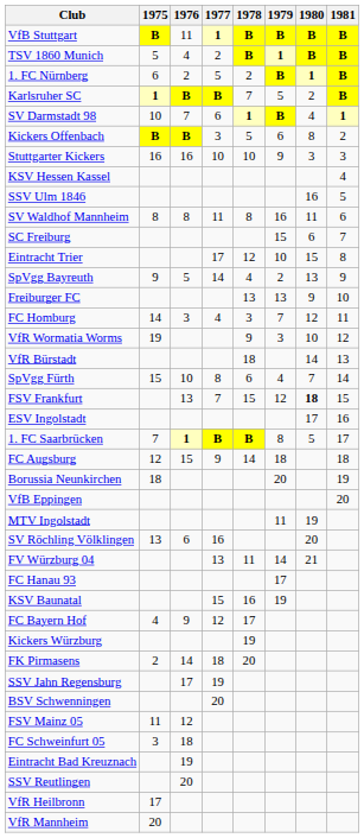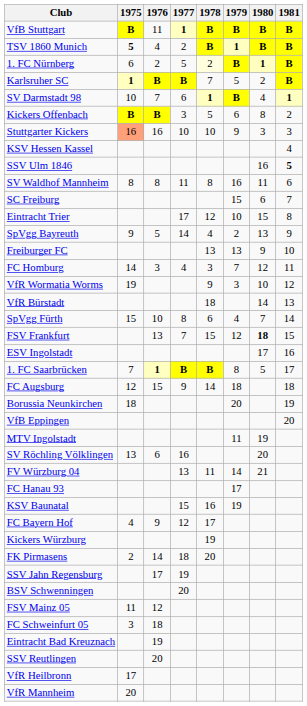 <table class="wikitable">
 <tr>
 <th>Club</th>
 <th>1975</th>
 <th>1976</th>
 <th>1977</th>
 <th>1978</th>
 <th>1979</th>
 <th>1980</th>
 <th>1981</th>
 </tr>
 <tr align="center">
 <td align="left"><a href='#'>VfB Stuttgart</a></td>
 <td bgcolor="#FFFF00"><strong>B</strong></td>
 <td>11</td>
 <td bgcolor="#ffffbf"><strong>1</strong></td>
 <td bgcolor="#FFFF00"><strong>B</strong></td>
 <td bgcolor="#FFFF00"><strong>B</strong></td>
 <td bgcolor="#FFFF00"><strong>B</strong></td>
 <td bgcolor="#FFFF00"><strong>B</strong></td>
 </tr>
 <tr align="center">
 <td align="left"><a href='#'>TSV 1860 Munich</a></td>
-<td>5</td>
+<td><strong>5</strong></td>
 <td>4</td>
 <td>2</td>
 <td bgcolor="#FFFF00"><strong>B</strong></td>
 <td bgcolor="#ffffbf"><strong>1</strong></td>
 <td bgcolor="#FFFF00"><strong>B</strong></td>
 <td bgcolor="#FFFF00"><strong>B</strong></td>
 </tr>
 <tr align="center">
 <td align="left"><a href='#'>1. FC Nürnberg</a></td>
 <td>6</td>
 <td>2</td>
 <td>5</td>
-<td>2</td>
+<td style="background: lightyellow;">2</td>
 <td bgcolor="#FFFF00"><strong>B</strong></td>
 <td bgcolor="#ffffbf"><strong>1</strong></td>
 <td bgcolor="#FFFF00"><strong>B</strong></td>
 </tr>
 <tr align="center">
 <td align="left"><a href='#'>Karlsruher SC</a></td>
 <td bgcolor="#ffffbf"><strong>1</strong></td>
 <td bgcolor="#FFFF00"><strong>B</strong></td>
 <td bgcolor="#FFFF00"><strong>B</strong></td>
 <td>7</td>
 <td>5</td>
 <td>2</td>
 <td bgcolor="#FFFF00"><strong>B</strong></td>
 </tr>
 <tr align="center">
 <td align="left"><a href='#'>SV Darmstadt 98</a></td>
 <td>10</td>
 <td>7</td>
 <td>6</td>
 <td bgcolor="#ffffbf"><strong>1</strong></td>
 <td bgcolor="#FFFF00"><strong>B</strong></td>
 <td>4</td>
 <td bgcolor="#ffffbf"><strong>1</strong></td>
 </tr>
 <tr align="center">
 <td align="left"><a href='#'>Kickers Offenbach</a></td>
 <td bgcolor="#FFFF00"><strong>B</strong></td>
 <td bgcolor="#FFFF00"><strong>B</strong></td>
 <td>3</td>
 <td>5</td>
 <td>6</td>
 <td>8</td>
 <td>2</td>
 </tr>
 <tr align="center">
 <td align="left"><a href='#'>Stuttgarter Kickers</a></td>
-<td>16</td>
+<td style="background: lightsalmon;">16</td>
 <td>16</td>
 <td>10</td>
 <td>10</td>
 <td>9</td>
 <td>3</td>
 <td>3</td>
 </tr>
 <tr align="center">
 <td align="left"><a href='#'>KSV Hessen Kassel</a></td>
 <td></td>
 <td></td>
 <td></td>
 <td></td>
 <td></td>
 <td></td>
 <td>4</td>
 </tr>
 <tr align="center">
 <td align="left"><a href='#'>SSV Ulm 1846</a></td>
 <td></td>
 <td></td>
 <td></td>
 <td></td>
 <td></td>
 <td>16</td>
-<td>5</td>
+<td><strong>5</strong></td>
 </tr>
 <tr align="center">
 <td align="left"><a href='#'>SV Waldhof Mannheim</a></td>
 <td>8</td>
 <td>8</td>
 <td>11</td>
 <td>8</td>
 <td>16</td>
 <td>11</td>
 <td>6</td>
 </tr>
 <tr align="center">
 <td align="left"><a href='#'>SC Freiburg</a></td>
 <td></td>
 <td></td>
 <td></td>
 <td></td>
 <td>15</td>
 <td>6</td>
 <td>7</td>
 </tr>
 <tr align="center">
 <td align="left"><a href='#'>Eintracht Trier</a></td>
 <td></td>
 <td></td>
 <td>17</td>
 <td>12</td>
 <td>10</td>
 <td>15</td>
 <td>8</td>
 </tr>
 <tr align="center">
 <td align="left"><a href='#'>SpVgg Bayreuth</a></td>
 <td>9</td>
 <td>5</td>
 <td>14</td>
 <td>4</td>
 <td>2</td>
 <td>13</td>
 <td>9</td>
 </tr>
 <tr align="center">
 <td align="left"><a href='#'>Freiburger FC</a></td>
 <td></td>
 <td></td>
 <td></td>
 <td>13</td>
 <td>13</td>
 <td>9</td>
 <td>10</td>
 </tr>
 <tr align="center">
 <td align="left"><a href='#'>FC Homburg</a></td>
 <td>14</td>
 <td>3</td>
 <td>4</td>
 <td>3</td>
 <td>7</td>
 <td>12</td>
 <td>11</td>
 </tr>
 <tr align="center">
 <td align="left"><a href='#'>VfR Wormatia Worms</a></td>
 <td>19</td>
 <td></td>
 <td></td>
 <td>9</td>
 <td>3</td>
 <td>10</td>
 <td>12</td>
 </tr>
 <tr align="center">
 <td align="left"><a href='#'>VfR Bürstadt</a></td>
 <td></td>
 <td></td>
 <td></td>
 <td>18</td>
 <td></td>
 <td>14</td>
 <td>13</td>
 </tr>
 <tr align="center">
 <td align="left"><a href='#'>SpVgg Fürth</a></td>
 <td>15</td>
 <td>10</td>
 <td>8</td>
 <td>6</td>
 <td>4</td>
 <td>7</td>
 <td>14</td>
 </tr>
 <tr align="center">
 <td align="left"><a href='#'>FSV Frankfurt</a></td>
 <td></td>
 <td>13</td>
 <td>7</td>
 <td>15</td>
 <td>12</td>
 <td><strong>18</strong></td>
 <td>15</td>
 </tr>
 <tr align="center">
 <td align="left"><a href='#'>ESV Ingolstadt</a></td>
 <td></td>
 <td></td>
 <td></td>
 <td></td>
 <td></td>
 <td>17</td>
 <td>16</td>
 </tr>
 <tr align="center">
 <td align="left"><a href='#'>1. FC Saarbrücken</a></td>
 <td>7</td>
 <td bgcolor="#ffffbf"><strong>1</strong></td>
 <td bgcolor="#FFFF00"><strong>B</strong></td>
 <td bgcolor="#FFFF00"><strong>B</strong></td>
 <td>8</td>
 <td>5</td>
 <td>17</td>
 </tr>
 <tr align="center">
 <td align="left"><a href='#'>FC Augsburg</a></td>
 <td>12</td>
 <td>15</td>
 <td>9</td>
 <td>14</td>
 <td>18</td>
 <td></td>
 <td>18</td>
 </tr>
 <tr align="center">
 <td align="left"><a href='#'>Borussia Neunkirchen</a></td>
 <td>18</td>
 <td></td>
 <td></td>
 <td></td>
 <td>20</td>
 <td></td>
 <td>19</td>
 </tr>
 <tr align="center">
 <td align="left"><a href='#'>VfB Eppingen</a></td>
 <td></td>
 <td></td>
 <td></td>
 <td></td>
 <td></td>
 <td></td>
 <td>20</td>
 </tr>
 <tr align="center">
 <td align="left"><a href='#'>MTV Ingolstadt</a></td>
 <td></td>
 <td></td>
 <td></td>
 <td></td>
 <td>11</td>
 <td>19</td>
 <td></td>
 </tr>
 <tr align="center">
 <td align="left"><a href='#'>SV Röchling Völklingen</a></td>
 <td>13</td>
 <td>6</td>
 <td>16</td>
 <td></td>
 <td></td>
 <td>20</td>
 <td></td>
 </tr>
 <tr align="center">
 <td align="left"><a href='#'>FV Würzburg 04</a></td>
 <td></td>
 <td></td>
 <td>13</td>
 <td>11</td>
 <td>14</td>
 <td>21</td>
 <td></td>
 </tr>
 <tr align="center">
 <td align="left"><a href='#'>FC Hanau 93</a></td>
 <td></td>
 <td></td>
 <td></td>
 <td></td>
 <td>17</td>
 <td></td>
 <td></td>
 </tr>
 <tr align="center">
 <td align="left"><a href='#'>KSV Baunatal</a></td>
 <td></td>
 <td></td>
 <td>15</td>
 <td>16</td>
 <td>19</td>
 <td></td>
 <td></td>
 </tr>
 <tr align="center">
 <td align="left"><a href='#'>FC Bayern Hof</a></td>
 <td>4</td>
 <td>9</td>
 <td>12</td>
 <td>17</td>
 <td></td>
 <td></td>
 <td></td>
 </tr>
 <tr align="center">
 <td align="left"><a href='#'>Kickers Würzburg</a></td>
 <td></td>
 <td></td>
 <td></td>
 <td>19</td>
 <td></td>
 <td></td>
 <td></td>
 </tr>
 <tr align="center">
 <td align="left"><a href='#'>FK Pirmasens</a></td>
 <td>2</td>
 <td>14</td>
 <td>18</td>
 <td>20</td>
 <td></td>
 <td></td>
 <td></td>
 </tr>
 <tr align="center">
 <td align="left"><a href='#'>SSV Jahn Regensburg</a></td>
 <td></td>
 <td>17</td>
 <td>19</td>
 <td></td>
 <td></td>
 <td></td>
 <td></td>
 </tr>
 <tr align="center">
 <td align="left"><a href='#'>BSV Schwenningen</a></td>
 <td></td>
 <td></td>
 <td>20</td>
 <td></td>
 <td></td>
 <td></td>
 <td></td>
 </tr>
 <tr align="center">
 <td align="left"><a href='#'>FSV Mainz 05</a></td>
 <td>11</td>
 <td>12</td>
 <td></td>
 <td></td>
 <td></td>
 <td></td>
 <td></td>
 </tr>
 <tr align="center">
 <td align="left"><a href='#'>FC Schweinfurt 05</a></td>
 <td>3</td>
 <td>18</td>
 <td></td>
 <td></td>
 <td></td>
 <td></td>
 <td></td>
 </tr>
 <tr align="center">
 <td align="left"><a href='#'>Eintracht Bad Kreuznach</a></td>
 <td></td>
 <td>19</td>
 <td></td>
 <td></td>
 <td></td>
 <td></td>
 <td></td>
 </tr>
 <tr align="center">
 <td align="left"><a href='#'>SSV Reutlingen</a></td>
 <td></td>
 <td>20</td>
 <td></td>
 <td></td>
 <td></td>
 <td></td>
 <td></td>
 </tr>
 <tr align="center">
 <td align="left"><a href='#'>VfR Heilbronn</a></td>
 <td>17</td>
 <td></td>
 <td></td>
 <td></td>
 <td></td>
 <td></td>
 <td></td>
 </tr>
 <tr align="center">
 <td align="left"><a href='#'>VfR Mannheim</a></td>
 <td>20</td>
 <td></td>
 <td></td>
 <td></td>
 <td></td>
 <td></td>
 <td></td>
 </tr>
 </table>
